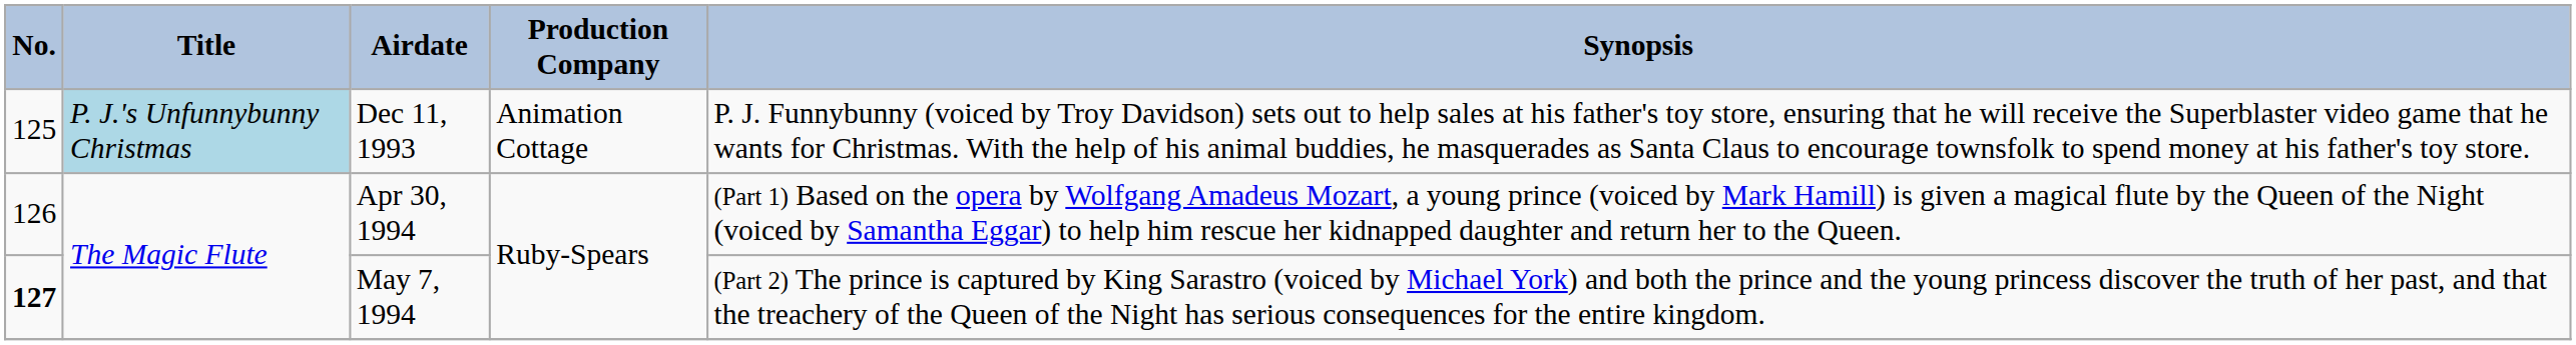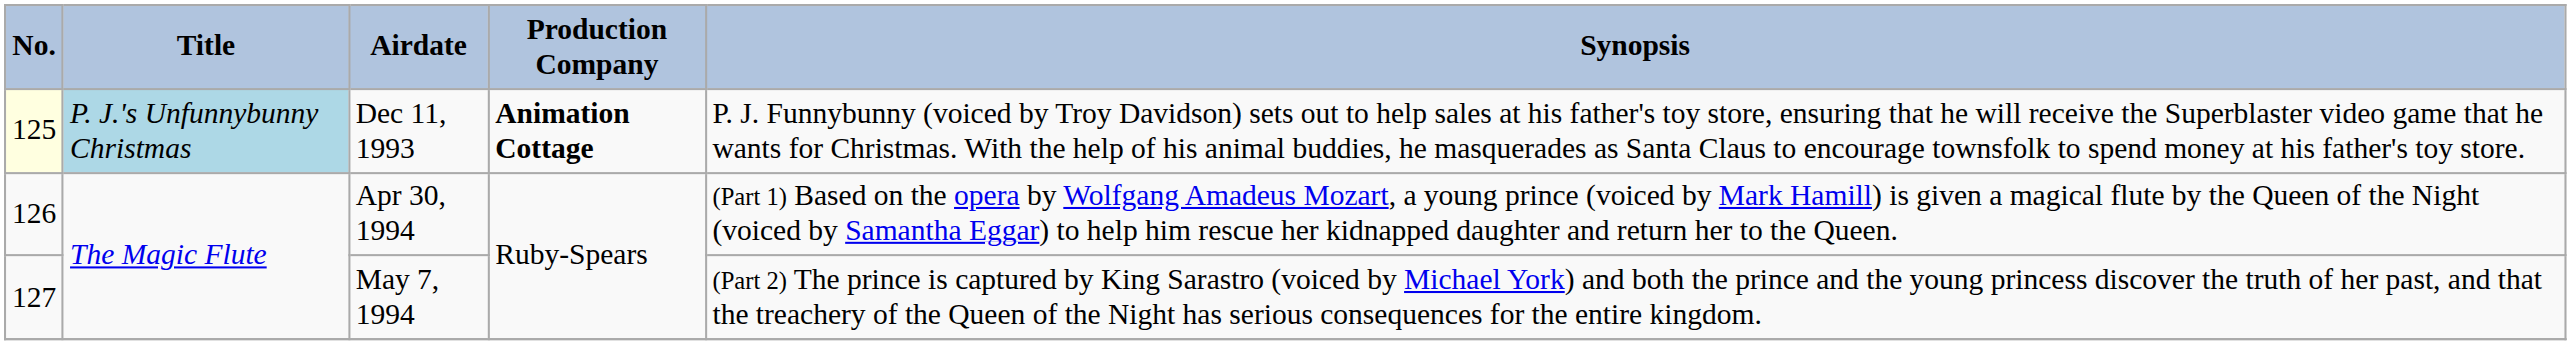 <table class="wikitable" style="font-size:90%;">
 <tr>
 <th style="background:#B0C4DE;">No.</th>
 <th style="background:#B0C4DE;">Title</th>
 <th style="background:#B0C4DE;">Airdate</th>
 <th style="background:#B0C4DE;">Production Company</th>
 <th style="background:#B0C4DE;">Synopsis</th>
 </tr>
 <tr>
-<td align="center">125</td>
+<td align="center" style="background: lightyellow;">125</td>
 <td style="background: lightblue;"><em>P. J.'s Unfunnybunny Christmas</em></td>
 <td>Dec 11, 1993</td>
-<td>Animation Cottage</td>
+<td><strong>Animation Cottage</strong></td>
 <td>P. J. Funnybunny (voiced by Troy Davidson) sets out to help sales at his father's toy store, ensuring that he will receive the Superblaster video game that he wants for Christmas. With the help of his animal buddies, he masquerades as Santa Claus to encourage townsfolk to spend money at his father's toy store.</td>
 </tr>
 <tr>
 <td align="center">126</td>
 <td rowspan="2"><em><a href='#'>The Magic Flute</a></em></td>
 <td>Apr 30, 1994</td>
 <td rowspan=2>Ruby-Spears</td>
 <td><small>(Part 1)</small> Based on the <a href='#'>opera</a> by <a href='#'>Wolfgang Amadeus Mozart</a>, a young prince (voiced by <a href='#'>Mark Hamill</a>) is given a magical flute by the Queen of the Night (voiced by <a href='#'>Samantha Eggar</a>) to help him rescue her kidnapped daughter and return her to the Queen.</td>
 </tr>
 <tr>
-<td align="center"><strong>127</strong></td>
+<td align="center">127</td>
 <td>May 7, 1994</td>
 <td><small>(Part 2)</small> The prince is captured by King Sarastro (voiced by <a href='#'>Michael York</a>) and both the prince and the young princess discover the truth of her past, and that the treachery of the Queen of the Night has serious consequences for the entire kingdom.</td>
 </tr>
 <tr>
 </tr>
 </table>
